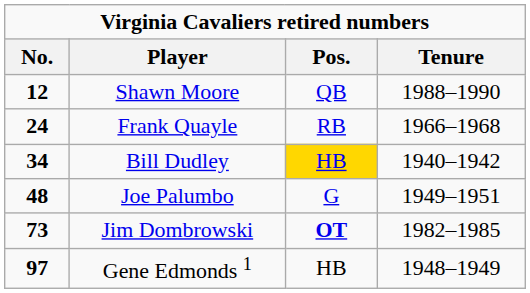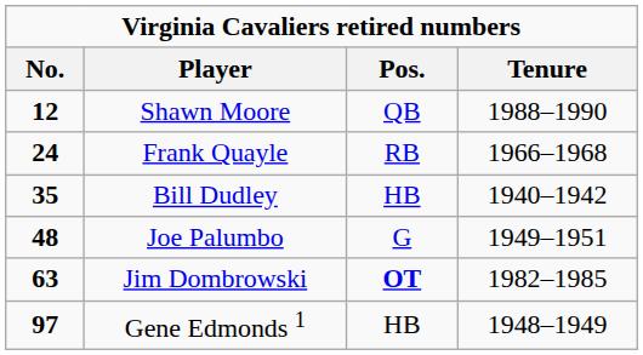 <table class="wikitable sortable" style="text-align:center">
 <tr>
 <td colspan="5"><strong>Virginia Cavaliers retired numbers</strong></td>
 </tr>
 <tr>
 <th style="width:40px; ">No.</th>
 <th style="width:150px; ">Player</th>
 <th style="width:60px; ">Pos.</th>
 <th style="width:100px; ">Tenure</th>
 </tr>
 <tr>
 <td><strong>12</strong></td>
 <td><a href='#'>Shawn Moore</a></td>
 <td><a href='#'>QB</a></td>
 <td>1988–1990</td>
 </tr>
 <tr>
 <td><strong>24</strong></td>
 <td><a href='#'>Frank Quayle</a></td>
 <td><a href='#'>RB</a></td>
 <td>1966–1968</td>
 </tr>
 <tr>
-<td><strong>34</strong></td>
+<td><strong>35</strong></td>
 <td><a href='#'>Bill Dudley</a></td>
-<td style="background: gold;"><a href='#'>HB</a></td>
+<td><a href='#'>HB</a></td>
 <td>1940–1942</td>
 </tr>
 <tr>
 <td><strong>48</strong></td>
 <td><a href='#'>Joe Palumbo</a></td>
 <td><a href='#'>G</a></td>
 <td>1949–1951</td>
 </tr>
 <tr>
-<td><strong>73</strong></td>
+<td><strong>63</strong></td>
 <td><a href='#'>Jim Dombrowski</a></td>
 <td><strong><a href='#'>OT</a></strong></td>
 <td>1982–1985</td>
 </tr>
 <tr>
 <td><strong>97</strong></td>
 <td>Gene Edmonds <sup>1</sup></td>
 <td>HB</td>
 <td>1948–1949</td>
 </tr>
 </table>
